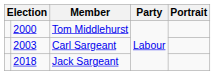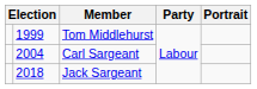 <table class="wikitable">
 <tr>
 <th colspan="2">Election</th>
 <th>Member</th>
 <th>Party</th>
 <th>Portrait</th>
 </tr>
 <tr>
 <td style="background-color: "></td>
-<td><a href='#'>2000</a></td>
+<td><a href='#'>1999</a></td>
 <td><a href='#'>Tom Middlehurst</a></td>
 <td rowspan="3"><a href='#'>Labour</a></td>
 <td></td>
 </tr>
 <tr>
 <td style="background-color: "></td>
-<td><a href='#'>2003</a></td>
+<td><a href='#'>2004</a></td>
 <td><a href='#'>Carl Sargeant</a></td>
 <td></td>
 </tr>
 <tr>
 <td style="background-color: "></td>
 <td><a href='#'>2018</a></td>
 <td><a href='#'>Jack Sargeant</a></td>
 <td></td>
 </tr>
 </table>
